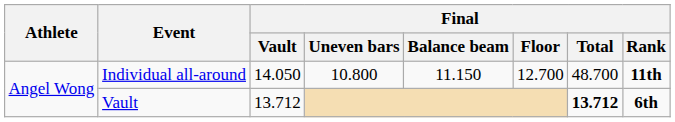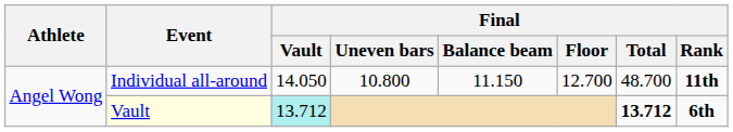 <table class=wikitable style="font-size:90%">
 <tr>
 <th rowspan=2>Athlete</th>
 <th rowspan=2>Event</th>
 <th colspan=6>Final</th>
 </tr>
 <tr>
 <th>Vault</th>
 <th>Uneven bars</th>
 <th>Balance beam</th>
 <th>Floor</th>
 <th>Total</th>
 <th>Rank</th>
 </tr>
 <tr>
 <td rowspan=2><a href='#'>Angel Wong</a></td>
 <td><a href='#'>Individual all-around</a></td>
 <td align=center>14.050</td>
 <td align=center>10.800</td>
 <td align=center>11.150</td>
 <td align=center>12.700</td>
 <td align=center>48.700</td>
 <td align=center><strong>11th</strong></td>
 </tr>
 <tr>
-<td><a href='#'>Vault</a></td>
-<td align=center>13.712</td>
+<td style="background: lightyellow;"><a href='#'>Vault</a></td>
+<td align=center style="background: paleturquoise;">13.712</td>
 <td colspan="3" style="background:wheat;"></td>
 <td align=center><strong>13.712</strong></td>
 <td align=center><strong>6th</strong></td>
 </tr>
 </table>
